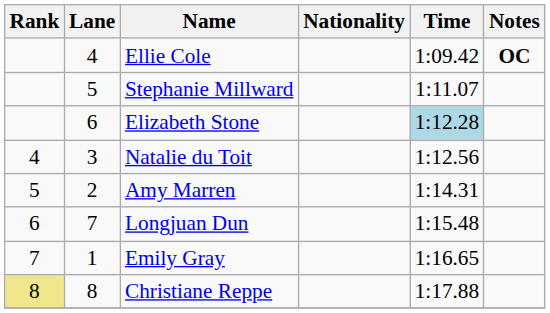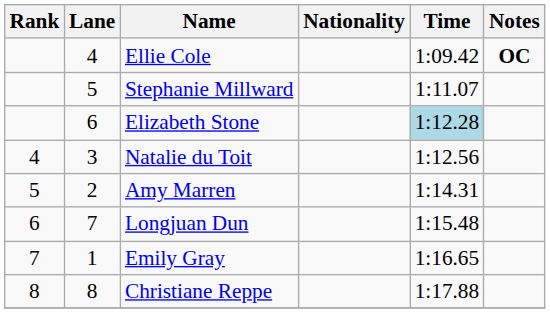 <table class="wikitable">
 <tr>
 <th>Rank</th>
 <th>Lane</th>
 <th>Name</th>
 <th>Nationality</th>
 <th>Time</th>
 <th>Notes</th>
 </tr>
 <tr>
 <td align=center></td>
 <td align=center>4</td>
 <td><a href='#'>Ellie Cole</a></td>
 <td></td>
 <td align=center>1:09.42</td>
 <td align=center><strong>OC</strong></td>
 </tr>
 <tr>
 <td align=center></td>
 <td align=center>5</td>
 <td><a href='#'>Stephanie Millward</a></td>
 <td></td>
 <td align=center>1:11.07</td>
 <td align=center></td>
 </tr>
 <tr>
 <td align=center></td>
 <td align=center>6</td>
 <td><a href='#'>Elizabeth Stone</a></td>
 <td></td>
 <td align=center style="background: lightblue;">1:12.28</td>
 <td align=center></td>
 </tr>
 <tr>
 <td align=center>4</td>
 <td align=center>3</td>
 <td><a href='#'>Natalie du Toit</a></td>
 <td></td>
 <td align=center>1:12.56</td>
 <td align=center></td>
 </tr>
 <tr>
 <td align=center>5</td>
 <td align=center>2</td>
 <td><a href='#'>Amy Marren</a></td>
 <td></td>
 <td align=center>1:14.31</td>
 <td align=center></td>
 </tr>
 <tr>
 <td align=center>6</td>
 <td align=center>7</td>
 <td><a href='#'>Longjuan Dun</a></td>
 <td></td>
 <td align=center>1:15.48</td>
 <td align=center></td>
 </tr>
 <tr>
 <td align=center>7</td>
 <td align=center>1</td>
 <td><a href='#'>Emily Gray</a></td>
 <td></td>
 <td align=center>1:16.65</td>
 <td align=center></td>
 </tr>
 <tr>
-<td align=center style="background: khaki;">8</td>
+<td align=center>8</td>
 <td align=center>8</td>
 <td><a href='#'>Christiane Reppe</a></td>
 <td></td>
 <td align=center>1:17.88</td>
 <td align=center></td>
 </tr>
 <tr>
 </tr>
 </table>
